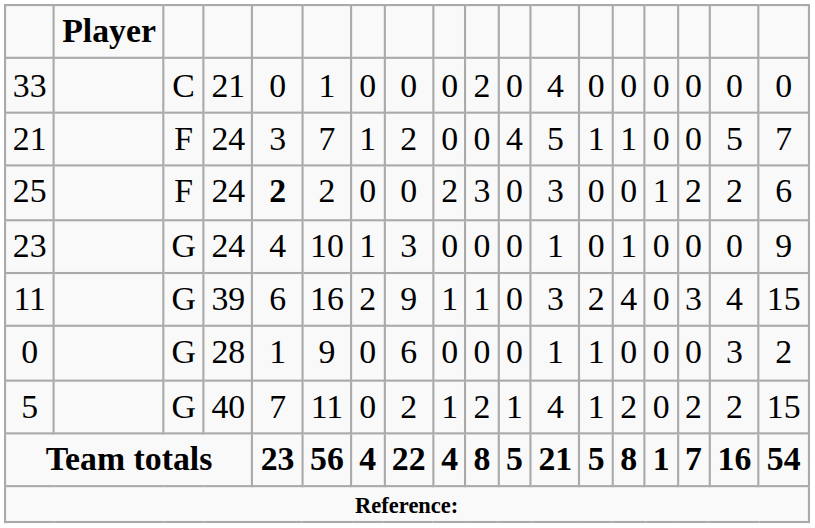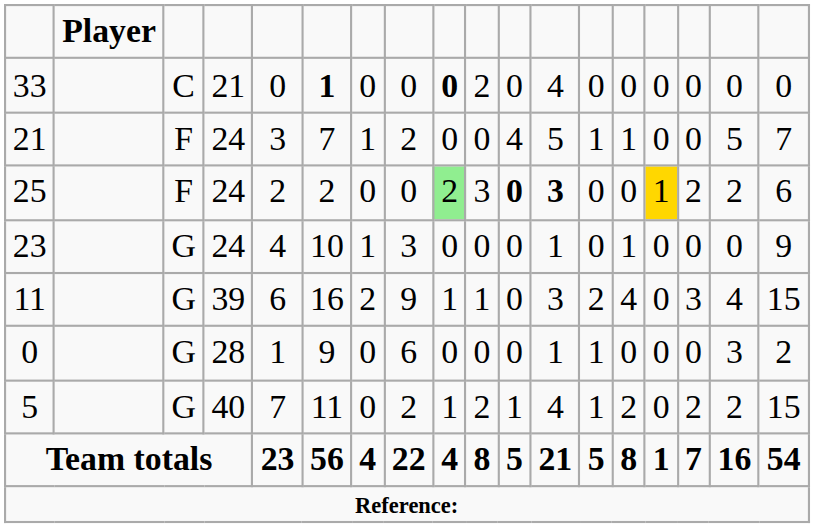 <table class="wikitable sortable" style="text-align:center; font-size:100%">
 <tr>
 <td><strong></strong></td>
 <td><strong>Player</strong></td>
 <td><strong></strong></td>
 <td><strong></strong></td>
 <td><strong></strong></td>
 <td><strong></strong></td>
 <td><strong></strong></td>
 <td><strong></strong></td>
 <td><strong></strong></td>
 <td><strong></strong></td>
 <td><strong></strong></td>
 <td><strong></strong></td>
 <td><strong></strong></td>
 <td><strong></strong></td>
 <td><strong></strong></td>
 <td><strong></strong></td>
 <td><strong></strong></td>
 <td><strong></strong></td>
 </tr>
 <tr>
 <td>33</td>
 <td></td>
 <td>C</td>
 <td>21</td>
 <td>0</td>
-<td>1</td>
+<td><strong>1</strong></td>
 <td>0</td>
 <td>0</td>
-<td>0</td>
+<td><strong>0</strong></td>
 <td>2</td>
 <td>0</td>
 <td>4</td>
 <td>0</td>
 <td>0</td>
 <td>0</td>
 <td>0</td>
 <td>0</td>
 <td>0</td>
 </tr>
 <tr>
 <td>21</td>
 <td></td>
 <td>F</td>
 <td>24</td>
 <td>3</td>
 <td>7</td>
 <td>1</td>
 <td>2</td>
 <td>0</td>
 <td>0</td>
 <td>4</td>
 <td>5</td>
 <td>1</td>
 <td>1</td>
 <td>0</td>
 <td>0</td>
 <td>5</td>
 <td>7</td>
 </tr>
 <tr>
 <td>25</td>
 <td></td>
 <td>F</td>
 <td>24</td>
-<td><strong>2</strong></td>
+<td>2</td>
 <td>2</td>
 <td>0</td>
 <td>0</td>
-<td>2</td>
+<td style="background: lightgreen;">2</td>
 <td>3</td>
-<td>0</td>
-<td>3</td>
+<td><strong>0</strong></td>
+<td><strong>3</strong></td>
 <td>0</td>
 <td>0</td>
-<td>1</td>
+<td style="background: gold;">1</td>
 <td>2</td>
 <td>2</td>
 <td>6</td>
 </tr>
 <tr>
 <td>23</td>
 <td></td>
 <td>G</td>
 <td>24</td>
 <td>4</td>
 <td>10</td>
 <td>1</td>
 <td>3</td>
 <td>0</td>
 <td>0</td>
 <td>0</td>
 <td>1</td>
 <td>0</td>
 <td>1</td>
 <td>0</td>
 <td>0</td>
 <td>0</td>
 <td>9</td>
 </tr>
 <tr>
 <td>11</td>
 <td></td>
 <td>G</td>
 <td>39</td>
 <td>6</td>
 <td>16</td>
 <td>2</td>
 <td>9</td>
 <td>1</td>
 <td>1</td>
 <td>0</td>
 <td>3</td>
 <td>2</td>
 <td>4</td>
 <td>0</td>
 <td>3</td>
 <td>4</td>
 <td>15</td>
 </tr>
 <tr>
 <td>0</td>
 <td></td>
 <td>G</td>
 <td>28</td>
 <td>1</td>
 <td>9</td>
 <td>0</td>
 <td>6</td>
 <td>0</td>
 <td>0</td>
 <td>0</td>
 <td>1</td>
 <td>1</td>
 <td>0</td>
 <td>0</td>
 <td>0</td>
 <td>3</td>
 <td>2</td>
 </tr>
 <tr>
 <td>5</td>
 <td></td>
 <td>G</td>
 <td>40</td>
 <td>7</td>
 <td>11</td>
 <td>0</td>
 <td>2</td>
 <td>1</td>
 <td>2</td>
 <td>1</td>
 <td>4</td>
 <td>1</td>
 <td>2</td>
 <td>0</td>
 <td>2</td>
 <td>2</td>
 <td>15</td>
 </tr>
 <tr class="sortbottom">
 <td style="text-align:center;" colspan="4"><strong>Team totals</strong></td>
 <td><strong>23</strong></td>
 <td><strong>56</strong></td>
 <td><strong>4</strong></td>
 <td><strong>22</strong></td>
 <td><strong>4</strong></td>
 <td><strong>8</strong></td>
 <td><strong>5</strong></td>
 <td><strong>21</strong></td>
 <td><strong>5</strong></td>
 <td><strong>8</strong></td>
 <td><strong>1</strong></td>
 <td><strong>7</strong></td>
 <td><strong>16</strong></td>
 <td><strong>54</strong></td>
 </tr>
 <tr>
 <td colspan="18" style="font-size: 8pt" align="center"><strong>Reference:</strong></td>
 </tr>
 </table>
